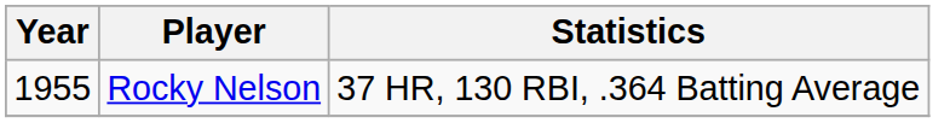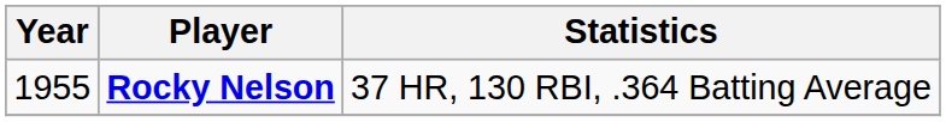 <table class="wikitable">
 <tr>
 <th>Year</th>
 <th>Player</th>
 <th>Statistics</th>
 </tr>
 <tr>
 <td>1955</td>
-<td><a href='#'>Rocky Nelson</a></td>
+<td><strong><a href='#'>Rocky Nelson</a></strong></td>
 <td>37 HR, 130 RBI, .364 Batting Average</td>
 </tr>
 <tr>
 </tr>
 </table>
